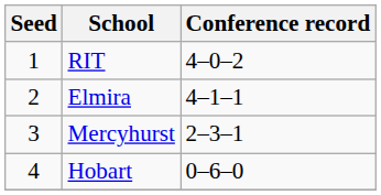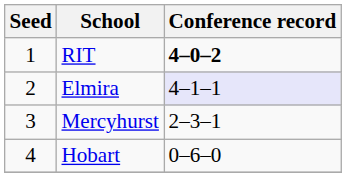 <table class="wikitable">
 <tr>
 <th>Seed</th>
 <th>School</th>
 <th>Conference record</th>
 </tr>
 <tr>
 <td align=center>1</td>
 <td><a href='#'>RIT</a></td>
-<td>4–0–2</td>
+<td><strong>4–0–2</strong></td>
 </tr>
 <tr>
 <td align=center>2</td>
 <td><a href='#'>Elmira</a></td>
-<td>4–1–1</td>
+<td style="background: lavender;">4–1–1</td>
 </tr>
 <tr>
 <td align=center>3</td>
 <td><a href='#'>Mercyhurst</a></td>
 <td>2–3–1</td>
 </tr>
 <tr>
 <td align=center>4</td>
 <td><a href='#'>Hobart</a></td>
 <td>0–6–0</td>
 </tr>
 <tr>
 </tr>
 </table>
